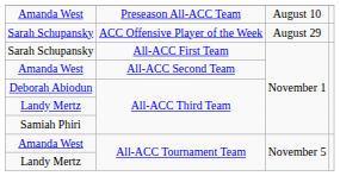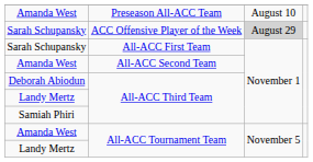 <table class="wikitable sortable" style="text-align: center">
 <tr>
 </tr>
 <tr>
 <td><a href='#'>Amanda West</a></td>
 <td><a href='#'>Preseason All-ACC Team</a></td>
 <td>August 10</td>
 <td></td>
 </tr>
 <tr>
 <td><a href='#'>Sarah Schupansky</a></td>
 <td><a href='#'>ACC Offensive Player of the Week</a></td>
-<td>August 29</td>
+<td style="background: lightgrey;">August 29</td>
 <td></td>
 </tr>
 <tr>
 <td>Sarah Schupansky</td>
 <td><a href='#'>All-ACC First Team</a></td>
 <td rowspan=5>November 1</td>
 <td rowspan=5></td>
 </tr>
 <tr>
 <td><a href='#'>Amanda West</a></td>
 <td><a href='#'>All-ACC Second Team</a></td>
 </tr>
 <tr>
 <td><a href='#'>Deborah Abiodun</a></td>
 <td rowspan=3><a href='#'>All-ACC Third Team</a></td>
 </tr>
 <tr>
 <td><a href='#'>Landy Mertz</a></td>
 </tr>
 <tr>
 <td>Samiah Phiri</td>
 </tr>
 <tr>
 <td><a href='#'>Amanda West</a></td>
 <td rowspan=2><a href='#'>All-ACC Tournament Team</a></td>
 <td rowspan=2>November 5</td>
 <td rowspan=2></td>
 </tr>
 <tr>
 <td>Landy Mertz</td>
 </tr>
 </table>
